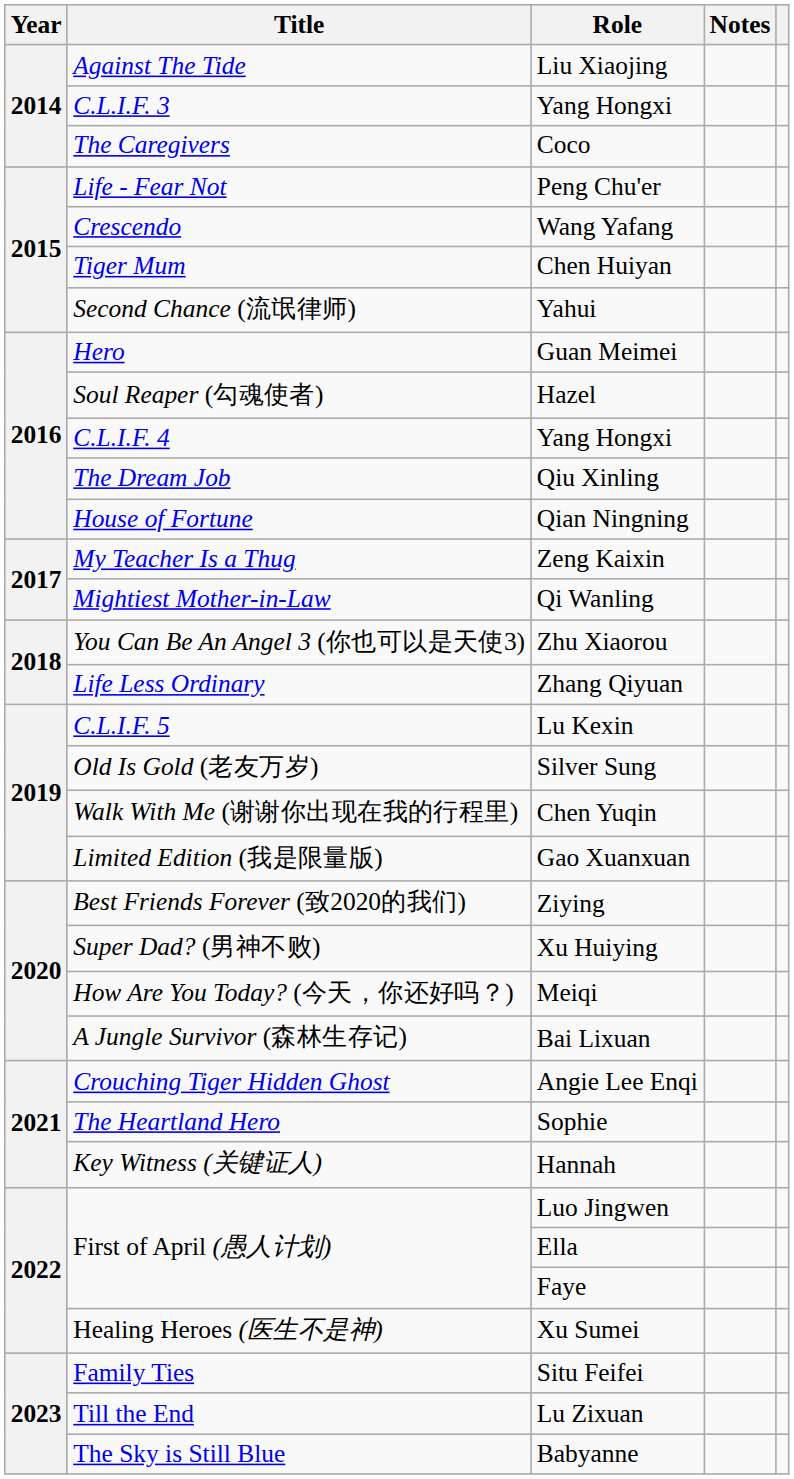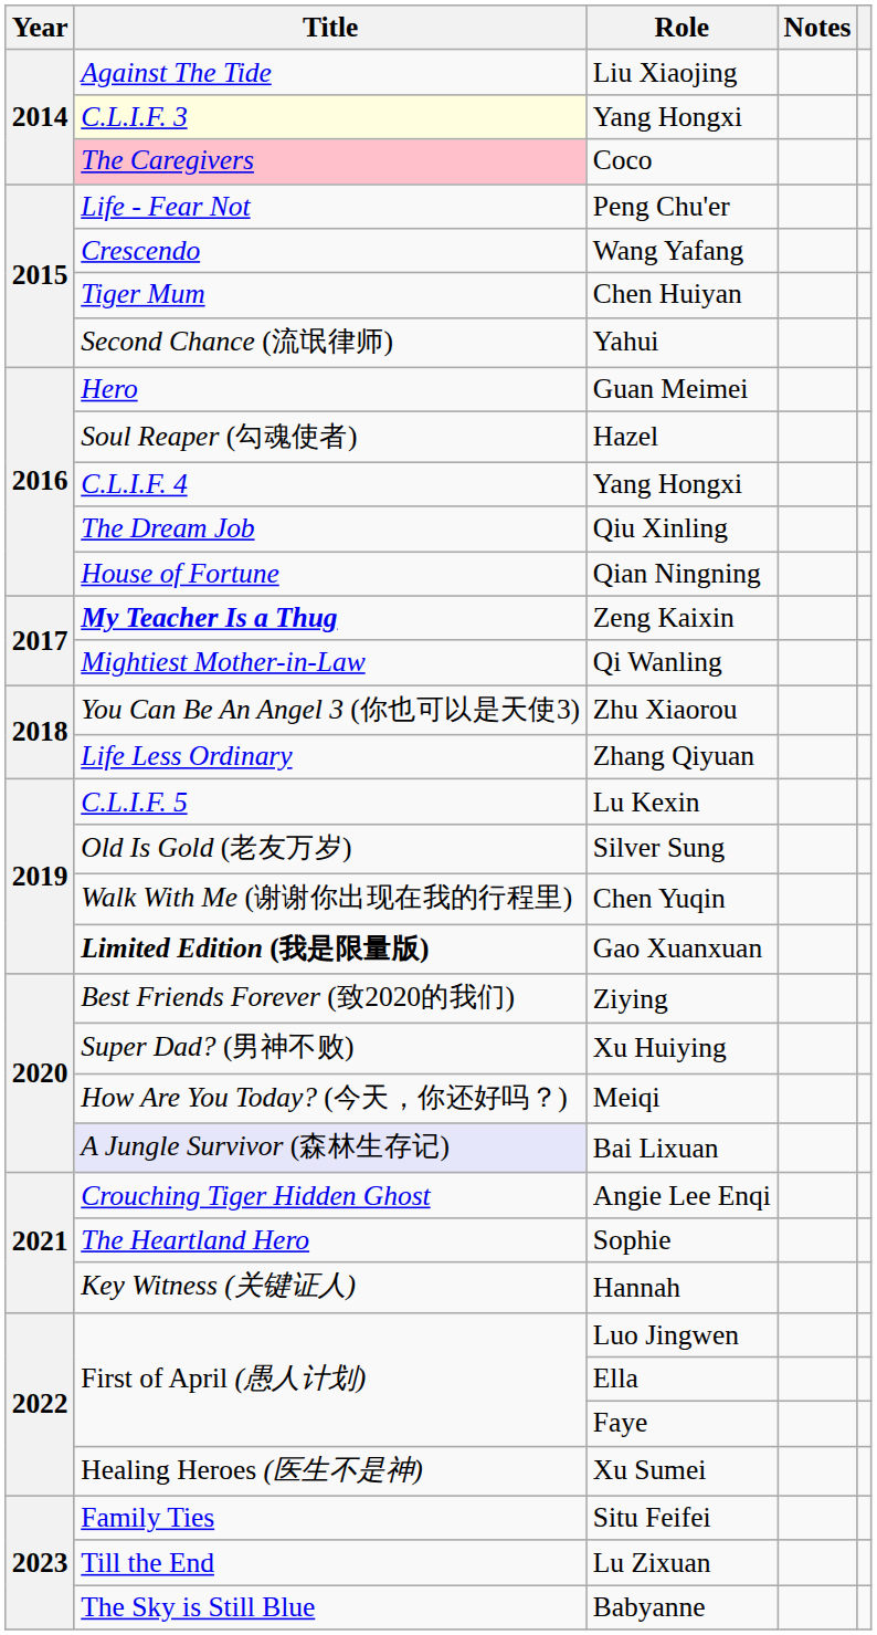 <table class="wikitable sortable plainrowheaders">
 <tr>
 <th scope="col">Year</th>
 <th scope="col">Title</th>
 <th scope="col">Role</th>
 <th scope="col" class="unsortable">Notes</th>
 <th scope="col" class="unsortable"></th>
 </tr>
 <tr>
 <th scope="row" rowspan="3">2014</th>
 <td><em><a href='#'>Against The Tide</a></em></td>
 <td>Liu Xiaojing</td>
 <td></td>
 <td></td>
 </tr>
 <tr>
-<td><em><a href='#'>C.L.I.F. 3</a></em></td>
+<td style="background: lightyellow;"><em><a href='#'>C.L.I.F. 3</a></em></td>
 <td>Yang Hongxi</td>
 <td></td>
 <td></td>
 </tr>
 <tr>
-<td><em><a href='#'>The Caregivers</a></em></td>
+<td style="background: pink;"><em><a href='#'>The Caregivers</a></em></td>
 <td>Coco</td>
 <td></td>
 <td></td>
 </tr>
 <tr>
 <th scope="row" rowspan="4">2015</th>
 <td><em><a href='#'>Life - Fear Not</a></em></td>
 <td>Peng Chu'er</td>
 <td></td>
 <td></td>
 </tr>
 <tr>
 <td><em><a href='#'>Crescendo</a></em></td>
 <td>Wang Yafang</td>
 <td></td>
 <td></td>
 </tr>
 <tr>
 <td><em><a href='#'>Tiger Mum</a></em></td>
 <td>Chen Huiyan</td>
 <td></td>
 <td></td>
 </tr>
 <tr>
 <td><em>Second Chance</em> (流氓律师)</td>
 <td>Yahui</td>
 <td></td>
 <td></td>
 </tr>
 <tr>
 <th scope="row" rowspan="5">2016</th>
 <td><em><a href='#'>Hero</a></em></td>
 <td>Guan Meimei</td>
 <td></td>
 <td></td>
 </tr>
 <tr>
 <td><em>Soul Reaper</em> (勾魂使者)</td>
 <td>Hazel</td>
 <td></td>
 <td></td>
 </tr>
 <tr>
 <td><em><a href='#'>C.L.I.F. 4</a></em></td>
 <td>Yang Hongxi</td>
 <td></td>
 <td></td>
 </tr>
 <tr>
 <td><em><a href='#'>The Dream Job</a></em></td>
 <td>Qiu Xinling</td>
 <td></td>
 <td></td>
 </tr>
 <tr>
 <td><em><a href='#'>House of Fortune</a></em></td>
 <td>Qian Ningning</td>
 <td></td>
 <td></td>
 </tr>
 <tr>
 <th scope="row" rowspan="2">2017</th>
-<td><em><a href='#'>My Teacher Is a Thug</a> </em></td>
+<td><strong><em><a href='#'>My Teacher Is a Thug</a> </em></strong></td>
 <td>Zeng Kaixin</td>
 <td></td>
 <td></td>
 </tr>
 <tr>
 <td><em><a href='#'>Mightiest Mother-in-Law</a></em></td>
 <td>Qi Wanling</td>
 <td></td>
 <td></td>
 </tr>
 <tr>
 <th scope="row" rowspan="2">2018</th>
 <td><em>You Can Be An Angel 3</em> (你也可以是天使3)</td>
 <td>Zhu Xiaorou</td>
 <td></td>
 <td></td>
 </tr>
 <tr>
 <td><em><a href='#'>Life Less Ordinary</a></em></td>
 <td>Zhang Qiyuan</td>
 <td></td>
 <td></td>
 </tr>
 <tr>
 <th scope="row" rowspan="4">2019</th>
 <td><em><a href='#'>C.L.I.F. 5</a></em></td>
 <td>Lu Kexin</td>
 <td></td>
 <td></td>
 </tr>
 <tr>
 <td><em>Old Is Gold</em> (老友万岁)</td>
 <td>Silver Sung</td>
 <td></td>
 <td></td>
 </tr>
 <tr>
 <td><em>Walk With Me</em> (谢谢你出现在我的行程里)</td>
 <td>Chen Yuqin</td>
 <td></td>
 <td></td>
 </tr>
 <tr>
-<td><em>Limited Edition</em> (我是限量版)</td>
+<td><strong><em>Limited Edition</em> (我是限量版)</strong></td>
 <td>Gao Xuanxuan</td>
 <td></td>
 <td></td>
 </tr>
 <tr>
 <th scope="row" rowspan="4">2020</th>
 <td><em>Best Friends Forever</em> (致2020的我们)</td>
 <td>Ziying</td>
 <td></td>
 <td></td>
 </tr>
 <tr>
 <td><em>Super Dad?</em> (男神不败)</td>
 <td>Xu Huiying</td>
 <td></td>
 <td></td>
 </tr>
 <tr>
 <td><em>How Are You Today? </em> (今天，你还好吗？)</td>
 <td>Meiqi</td>
 <td></td>
 <td></td>
 </tr>
 <tr>
-<td><em>A Jungle Survivor</em> (森林生存记)</td>
+<td style="background: lavender;"><em>A Jungle Survivor</em> (森林生存记)</td>
 <td>Bai Lixuan</td>
 <td></td>
 <td></td>
 </tr>
 <tr>
 <th scope="row" rowspan="3">2021</th>
 <td><em><a href='#'>Crouching Tiger Hidden Ghost</a></em></td>
 <td>Angie Lee Enqi</td>
 <td></td>
 <td></td>
 </tr>
 <tr>
 <td><em><a href='#'>The Heartland Hero</a></em></td>
 <td>Sophie</td>
 <td></td>
 <td></td>
 </tr>
 <tr>
 <td><em>Key Witness (关键证人)</td>
 <td>Hannah</td>
 <td></td>
 <td></td>
 </tr>
 <tr>
 <th scope="row" rowspan="4">2022</th>
 <td rowspan="3"></em>First of April<em> (愚人计划)</td>
 <td>Luo Jingwen</td>
 <td></td>
 <td></td>
 </tr>
 <tr>
 <td>Ella</td>
 <td></td>
 <td></td>
 </tr>
 <tr>
 <td>Faye</td>
 <td></td>
 <td></td>
 </tr>
 <tr>
 <td></em>Healing Heroes<em> (医生不是神)</td>
 <td>Xu Sumei</td>
 <td></td>
 <td></td>
 </tr>
 <tr>
 <th scope="row" rowspan="3">2023</th>
 <td></em><a href='#'>Family Ties</a><em></td>
 <td>Situ Feifei</td>
 <td></td>
 <td></td>
 </tr>
 <tr>
 <td></em><a href='#'>Till the End</a><em></td>
 <td>Lu Zixuan</td>
 <td></td>
 <td></td>
 </tr>
 <tr>
 <td></em><a href='#'>The Sky is Still Blue</a><em></td>
 <td>Babyanne</td>
 <td></td>
 <td></td>
 </tr>
 </table>
